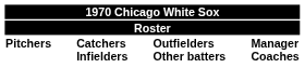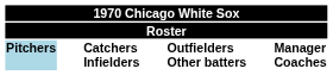 <table class="toccolours" style="font-size: 95%;">
 <tr>
 <th colspan="10" style="background-color: black; color: white; text-align: center;">1970 Chicago White Sox</th>
 </tr>
 <tr>
 <td colspan="10" style="background-color: black; color: white; text-align: center;"><strong>Roster</strong></td>
 </tr>
 <tr>
-<td valign="top"><strong>Pitchers</strong><br>                    </td>
+<td valign="top" style="background: lightblue;"><strong>Pitchers</strong><br>                    </td>
 <td width="25px"></td>
 <td valign="top"><strong>Catchers</strong><br>    <strong>Infielders</strong>         </td>
 <td width="25px"></td>
 <td valign="top"><strong>Outfielders</strong><br>        <strong>Other batters</strong> </td>
 <td width="25px"></td>
 <td valign="top"><strong>Manager</strong><br>   <strong>Coaches</strong>    </td>
 </tr>
 </table>
